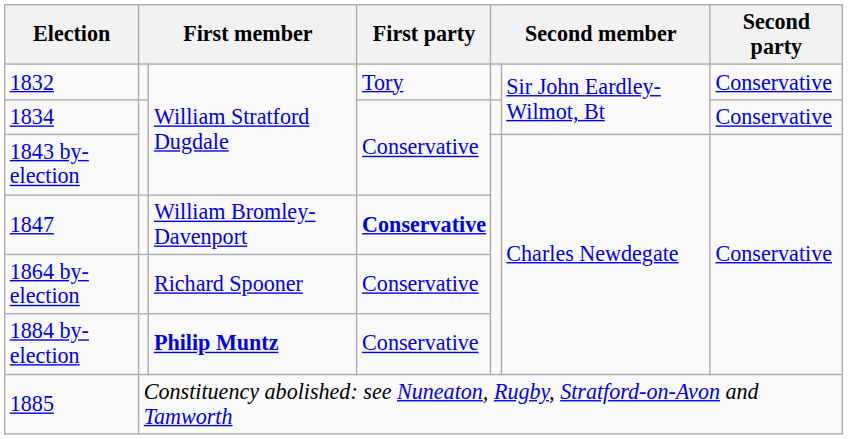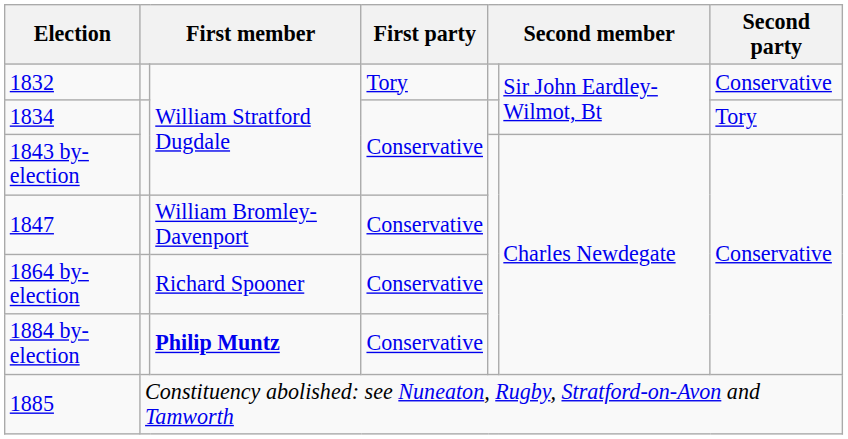 <table class="wikitable">
 <tr>
 <th>Election</th>
 <th colspan="2">First member</th>
 <th>First party</th>
 <th colspan="2">Second member</th>
 <th>Second party</th>
 </tr>
 <tr>
 <td><a href='#'>1832</a></td>
 <td style="color:inherit;background-color: "></td>
 <td rowspan="3"><a href='#'>William Stratford Dugdale</a></td>
 <td><a href='#'>Tory</a></td>
 <td style="color:inherit;background-color: "></td>
 <td rowspan="2"><a href='#'>Sir John Eardley-Wilmot, Bt</a></td>
 <td><a href='#'>Conservative</a></td>
 </tr>
 <tr>
 <td><a href='#'>1834</a></td>
 <td rowspan="2" style="color:inherit;background-color: "></td>
 <td rowspan="2"><a href='#'>Conservative</a></td>
 <td style="color:inherit;background-color: "></td>
-<td><a href='#'>Conservative</a></td>
+<td><a href='#'>Tory</a></td>
 </tr>
 <tr>
 <td><a href='#'>1843 by-election</a></td>
 <td rowspan="4" style="color:inherit;background-color: "></td>
 <td rowspan="4"><a href='#'>Charles Newdegate</a></td>
 <td rowspan="4"><a href='#'>Conservative</a></td>
 </tr>
 <tr>
 <td><a href='#'>1847</a></td>
 <td style="color:inherit;background-color: "></td>
 <td><a href='#'>William Bromley-Davenport</a></td>
-<td><strong><a href='#'>Conservative</a></strong></td>
+<td><a href='#'>Conservative</a></td>
 </tr>
 <tr>
 <td><a href='#'>1864 by-election</a></td>
 <td style="color:inherit;background-color: "></td>
 <td><a href='#'>Richard Spooner</a></td>
 <td><a href='#'>Conservative</a></td>
 </tr>
 <tr>
 <td><a href='#'>1884 by-election</a></td>
 <td style="color:inherit;background-color: "></td>
 <td><strong><a href='#'>Philip Muntz</a></strong></td>
 <td><a href='#'>Conservative</a></td>
 </tr>
 <tr>
 <td><a href='#'>1885</a></td>
 <td colspan="6"><em>Constituency abolished: see <a href='#'>Nuneaton</a>, <a href='#'>Rugby</a>, <a href='#'>Stratford-on-Avon</a> and <a href='#'>Tamworth</a></em></td>
 </tr>
 </table>
